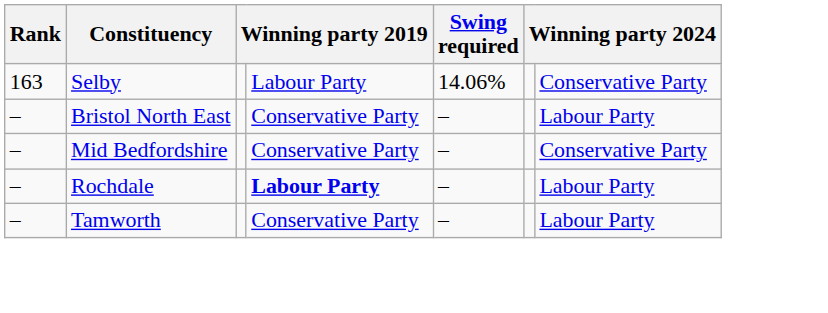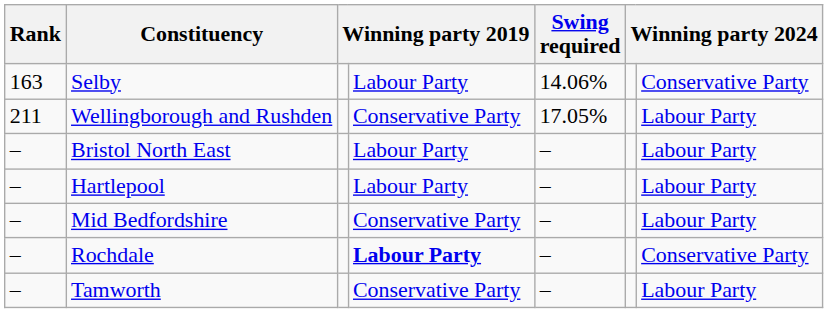 <table class="wikitable sortable">
 <tr>
 <th>Rank</th>
 <th>Constituency</th>
 <th colspan="2">Winning party 2019</th>
 <th><a href='#'>Swing</a> <br>required</th>
 <th colspan="2">Winning party 2024</th>
 </tr>
 <tr>
 <td>163</td>
 <td><a href='#'>Selby</a></td>
 <td class="unsortable" style="background-color: "></td>
 <td><a href='#'>Labour Party</a></td>
 <td>14.06%</td>
 <td class="unsortable" style="background-color: "></td>
 <td><a href='#'>Conservative Party</a></td>
 </tr>
 <tr>
+<td>211</td>
+<td><a href='#'>Wellingborough and Rushden</a></td>
+<td class="unsortable" style="background-color: "></td>
+<td><a href='#'>Conservative Party</a></td>
+<td>17.05%</td>
+<td class="unsortable" style="background-color: "></td>
+<td><a href='#'>Labour Party</a></td>
+</tr>
+<tr>
 <td>–</td>
 <td><a href='#'>Bristol North East</a></td>
 <td class="unsortable" style="background-color: "></td>
-<td><a href='#'>Conservative Party</a></td>
+<td><a href='#'>Labour Party</a></td>
+<td>–</td>
+<td class="unsortable" style="background-color: "></td>
+<td><a href='#'>Labour Party</a></td>
+</tr>
+<tr>
+<td>–</td>
+<td><a href='#'>Hartlepool</a></td>
+<td class="unsortable" style="background-color: "></td>
+<td><a href='#'>Labour Party</a></td>
 <td>–</td>
 <td class="unsortable" style="background-color: "></td>
 <td><a href='#'>Labour Party</a></td>
 </tr>
 <tr>
 <td>–</td>
 <td><a href='#'>Mid Bedfordshire</a></td>
 <td class="unsortable" style="background-color: "></td>
 <td><a href='#'>Conservative Party</a></td>
 <td>–</td>
 <td class="unsortable" style="background-color: "></td>
-<td><a href='#'>Conservative Party</a></td>
+<td><a href='#'>Labour Party</a></td>
 </tr>
 <tr>
 <td>–</td>
 <td><a href='#'>Rochdale</a></td>
 <td class="unsortable" style="background-color: "></td>
 <td><strong><a href='#'>Labour Party</a></strong></td>
 <td>–</td>
 <td class="unsortable" style="background-color: "></td>
-<td><a href='#'>Labour Party</a></td>
+<td><a href='#'>Conservative Party</a></td>
 </tr>
 <tr>
 <td>–</td>
 <td><a href='#'>Tamworth</a></td>
 <td class="unsortable" style="background-color: "></td>
 <td><a href='#'>Conservative Party</a></td>
 <td>–</td>
 <td class="unsortable" style="background-color: "></td>
 <td><a href='#'>Labour Party</a></td>
 </tr>
 </table>
